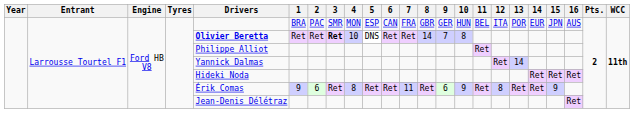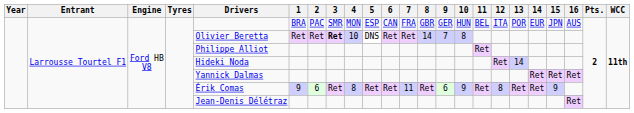 <table class="wikitable" style="text-align:center; font-size:95%">
 <tr>
 <th>Year</th>
 <th>Entrant</th>
 <th>Engine</th>
 <th>Tyres</th>
 <th>Drivers</th>
 <th>1</th>
 <th>2</th>
 <th>3</th>
 <th>4</th>
 <th>5</th>
 <th>6</th>
 <th>7</th>
 <th>8</th>
 <th>9</th>
 <th>10</th>
 <th>11</th>
 <th>12</th>
 <th>13</th>
 <th>14</th>
 <th>15</th>
 <th>16</th>
 <th>Pts.</th>
 <th>WCC</th>
 </tr>
 <tr>
 <td rowspan="7"></td>
 <td rowspan="7"><a href='#'>Larrousse Tourtel F1</a></td>
 <td rowspan="7"><a href='#'>Ford</a> HB<br><a href='#'>V8</a></td>
 <td rowspan="7"></td>
 <td></td>
 <td><a href='#'>BRA</a></td>
 <td><a href='#'>PAC</a></td>
 <td><a href='#'>SMR</a></td>
 <td><a href='#'>MON</a></td>
 <td><a href='#'>ESP</a></td>
 <td><a href='#'>CAN</a></td>
 <td><a href='#'>FRA</a></td>
 <td><a href='#'>GBR</a></td>
 <td><a href='#'>GER</a></td>
 <td><a href='#'>HUN</a></td>
 <td><a href='#'>BEL</a></td>
 <td><a href='#'>ITA</a></td>
 <td><a href='#'>POR</a></td>
 <td><a href='#'>EUR</a></td>
 <td><a href='#'>JPN</a></td>
 <td><a href='#'>AUS</a></td>
 <td rowspan="7"><strong>2</strong></td>
 <td rowspan="7"><strong>11th</strong></td>
 </tr>
 <tr>
-<td align="left"><strong><a href='#'>Olivier Beretta</a></strong></td>
+<td align="left"><a href='#'>Olivier Beretta</a></td>
 <td style="background:#EFCFFF;">Ret</td>
 <td style="background:#EFCFFF;">Ret</td>
 <td style="background:#EFCFFF;"><strong>Ret</strong></td>
 <td style="background:#CFCFFF;">10</td>
 <td style="background:white">DNS</td>
 <td style="background:#EFCFFF;">Ret</td>
 <td style="background:#EFCFFF;">Ret</td>
 <td style="background:#CFCFFF;">14</td>
 <td style="background:#CFCFFF;">7</td>
 <td style="background:#CFCFFF;">8</td>
 <td></td>
 <td></td>
 <td></td>
 <td></td>
 <td></td>
 <td></td>
 </tr>
 <tr>
 <td align="left"><a href='#'>Philippe Alliot</a></td>
 <td></td>
 <td></td>
 <td></td>
 <td></td>
 <td></td>
 <td></td>
 <td></td>
 <td></td>
 <td></td>
 <td></td>
 <td style="background:#EFCFFF;">Ret</td>
 <td></td>
 <td></td>
 <td></td>
 <td></td>
 <td></td>
 </tr>
 <tr>
-<td align="left"><a href='#'>Yannick Dalmas</a></td>
+<td align="left"><a href='#'>Hideki Noda</a></td>
 <td></td>
 <td></td>
 <td></td>
 <td></td>
 <td></td>
 <td></td>
 <td></td>
 <td></td>
 <td></td>
 <td></td>
 <td></td>
 <td style="background:#EFCFFF;">Ret</td>
 <td style="background:#CFCFFF;">14</td>
 <td></td>
 <td></td>
 <td></td>
 </tr>
 <tr>
-<td align="left"><a href='#'>Hideki Noda</a></td>
+<td align="left"><a href='#'>Yannick Dalmas</a></td>
 <td></td>
 <td></td>
 <td></td>
 <td></td>
 <td></td>
 <td></td>
 <td></td>
 <td></td>
 <td></td>
 <td></td>
 <td></td>
 <td></td>
 <td></td>
 <td style="background:#EFCFFF;">Ret</td>
 <td style="background:#EFCFFF;">Ret</td>
 <td style="background:#EFCFFF;">Ret</td>
 </tr>
 <tr>
 <td align="left"><a href='#'>Érik Comas</a></td>
 <td style="background:#CFCFFF;">9</td>
 <td style="background:#DFFFDF;">6</td>
 <td style="background:#EFCFFF;">Ret</td>
 <td style="background:#CFCFFF;">8</td>
 <td style="background:#EFCFFF;">Ret</td>
 <td style="background:#EFCFFF;">Ret</td>
 <td style="background:#CFCFFF;">11</td>
 <td style="background:#EFCFFF;">Ret</td>
 <td style="background:#DFFFDF;">6</td>
 <td style="background:#CFCFFF;">9</td>
 <td style="background:#EFCFFF;">Ret</td>
 <td style="background:#CFCFFF;">8</td>
 <td style="background:#EFCFFF;">Ret</td>
 <td style="background:#EFCFFF;">Ret</td>
 <td style="background:#CFCFFF;">9</td>
 <td></td>
 </tr>
 <tr>
 <td align="left"><a href='#'>Jean-Denis Délétraz</a></td>
 <td></td>
 <td></td>
 <td></td>
 <td></td>
 <td></td>
 <td></td>
 <td></td>
 <td></td>
 <td></td>
 <td></td>
 <td></td>
 <td></td>
 <td></td>
 <td></td>
 <td></td>
 <td style="background:#EFCFFF;">Ret</td>
 </tr>
 </table>
